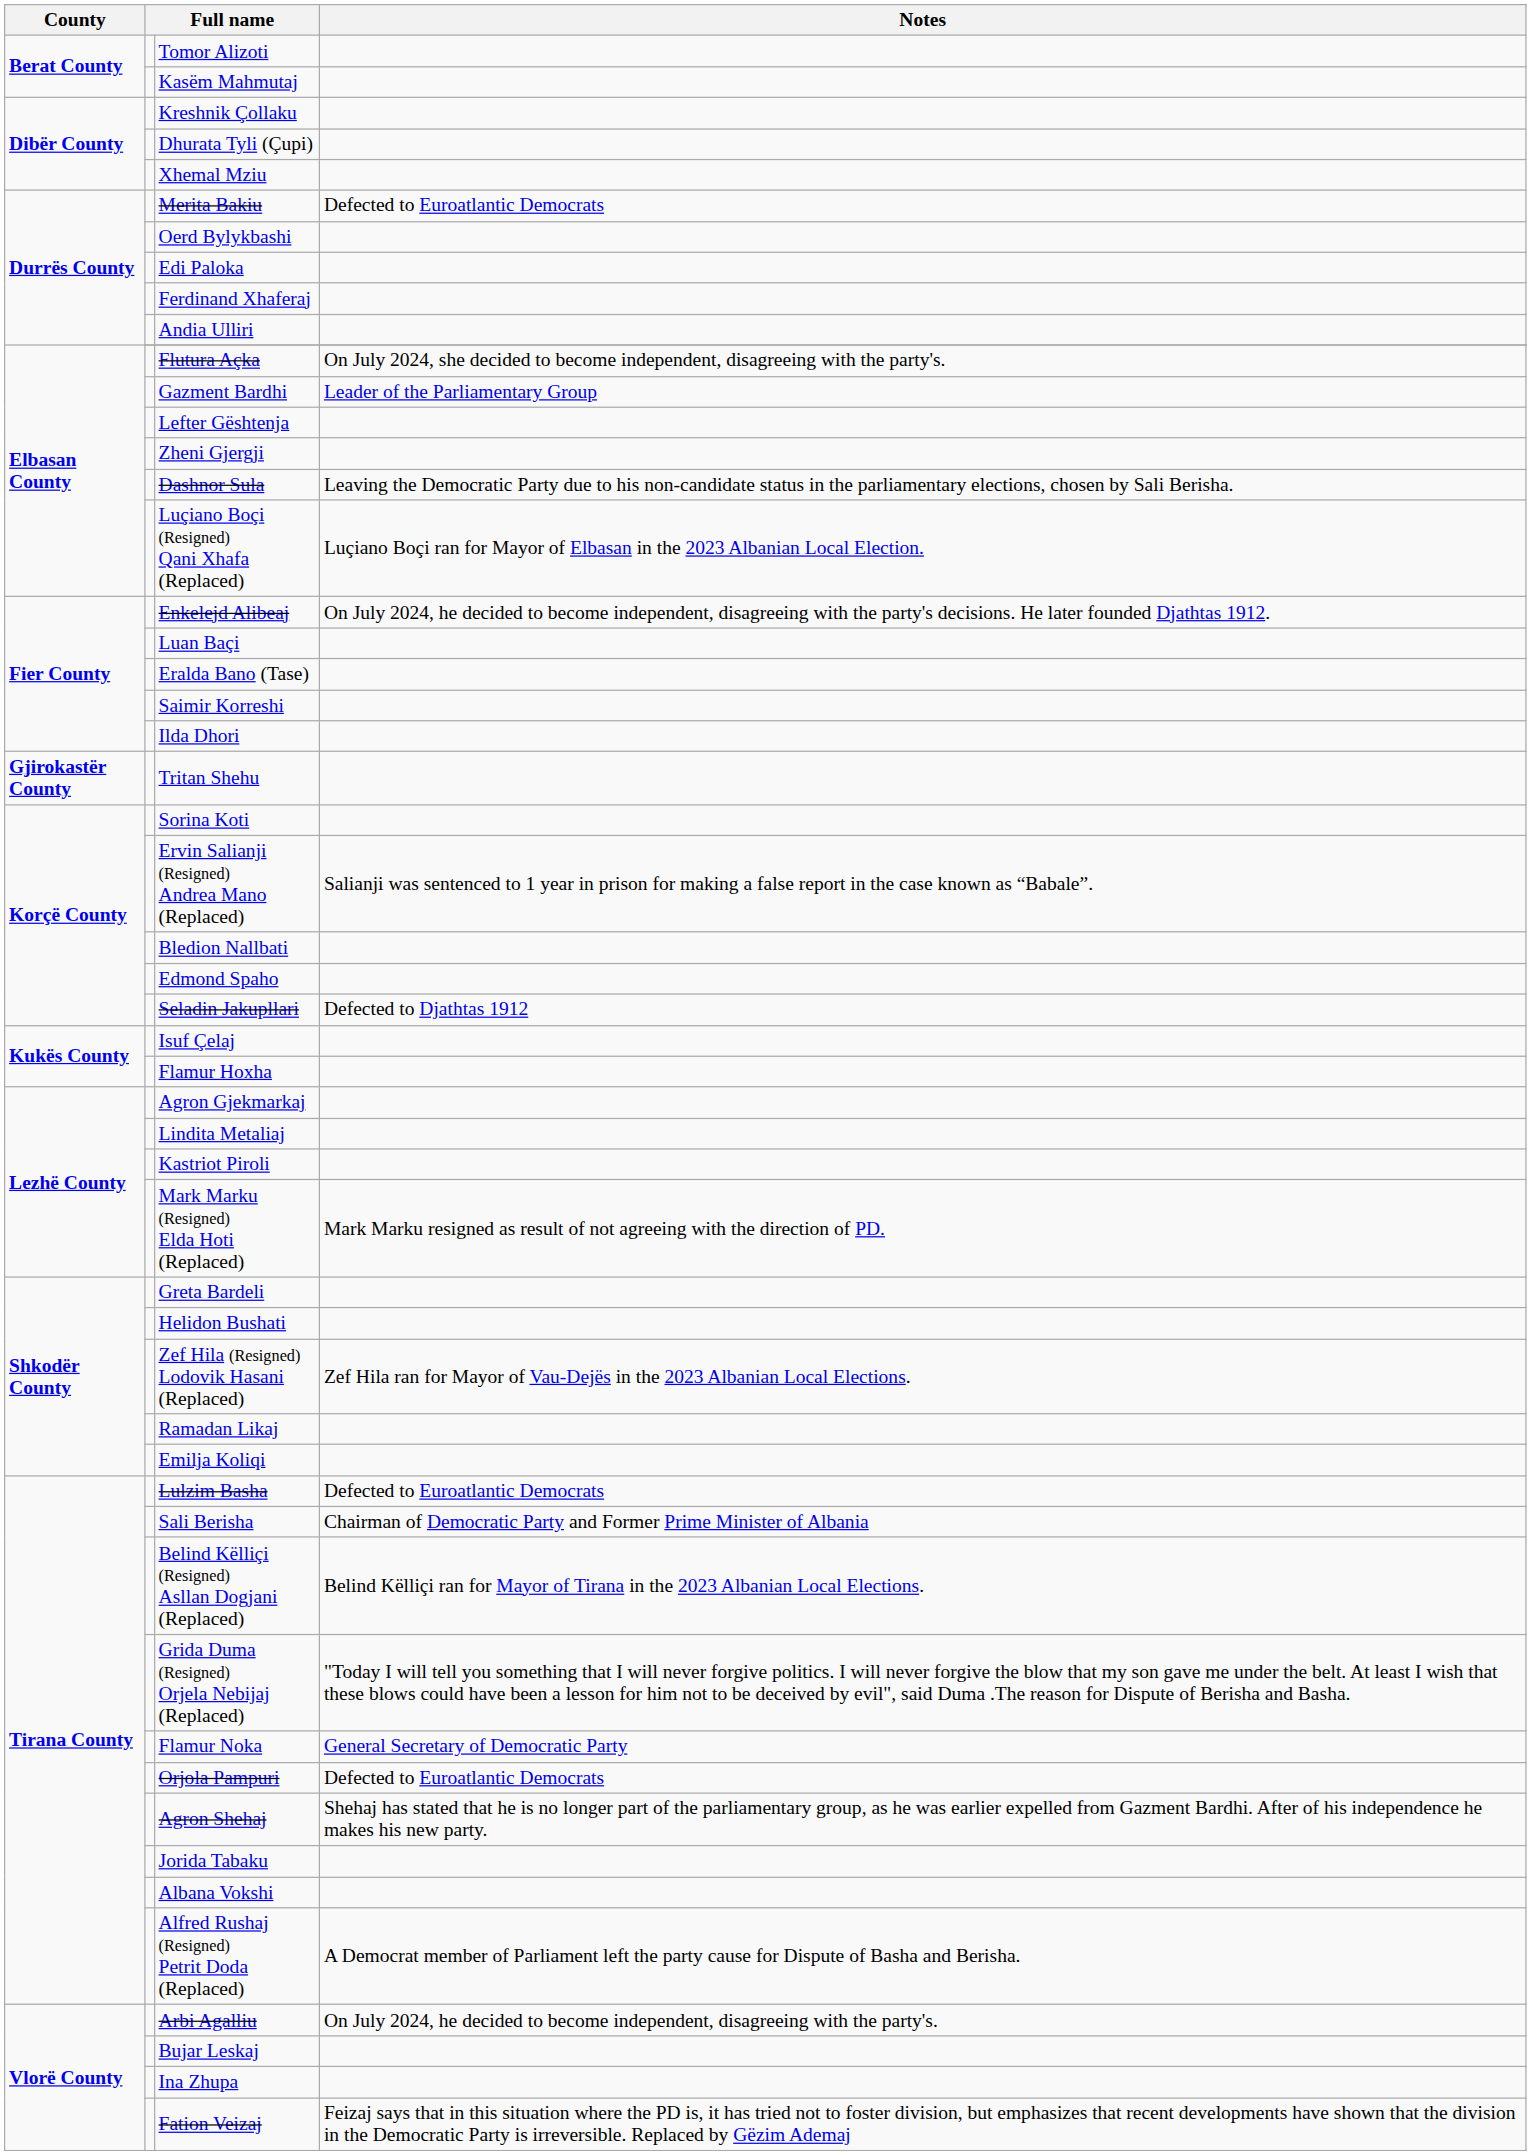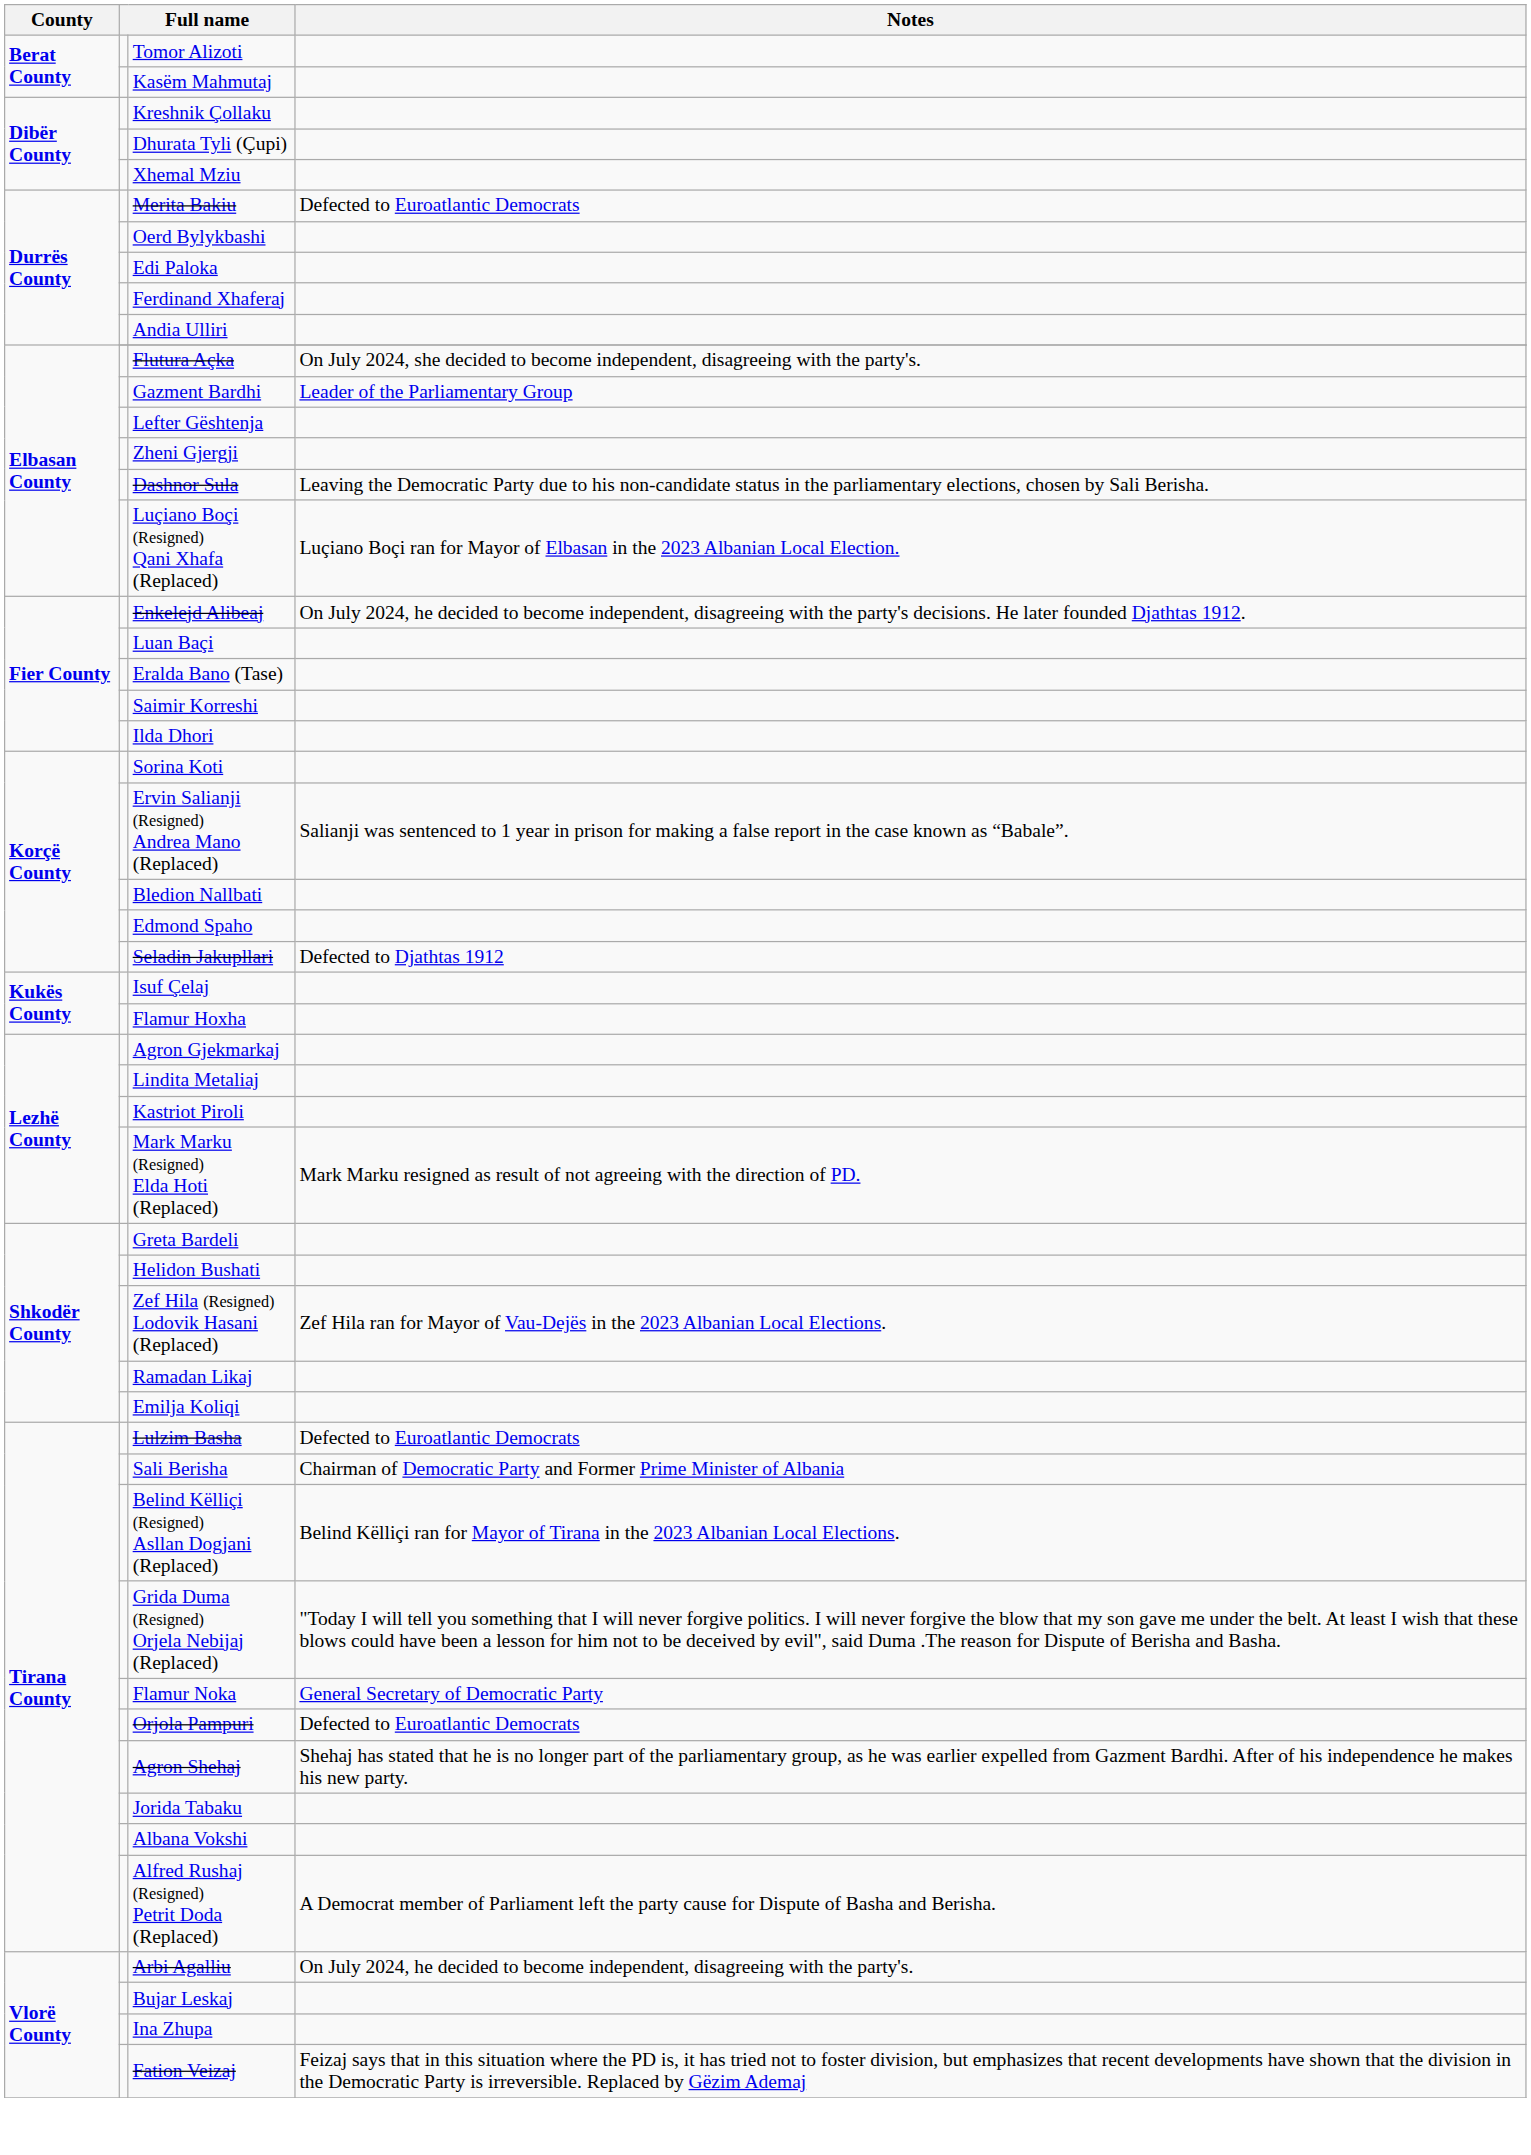 <table class="wikitable">
 <tr>
 <th>County</th>
 <th colspan="2">Full name</th>
 <th>Notes</th>
 </tr>
 <tr>
 <td rowspan="2"><strong><a href='#'>Berat County</a></strong></td>
 <td></td>
 <td><a href='#'>Tomor Alizoti</a></td>
 <td></td>
 </tr>
 <tr>
 <td></td>
 <td><a href='#'>Kasëm Mahmutaj</a></td>
 <td></td>
 </tr>
 <tr>
 <td rowspan="3"><strong><a href='#'>Dibër County</a></strong></td>
 <td></td>
 <td><a href='#'>Kreshnik Çollaku</a></td>
 <td></td>
 </tr>
 <tr>
 <td></td>
 <td><a href='#'>Dhurata Tyli</a> (Çupi)</td>
 <td></td>
 </tr>
 <tr>
 <td></td>
 <td><a href='#'>Xhemal Mziu</a></td>
 <td></td>
 </tr>
 <tr>
 <td rowspan="5"><strong><a href='#'>Durrës County</a></strong></td>
 <td></td>
 <td><s><a href='#'>Merita Bakiu</a></s></td>
 <td>Defected to <a href='#'>Euroatlantic Democrats</a></td>
 </tr>
 <tr>
 <td></td>
 <td><a href='#'>Oerd Bylykbashi</a></td>
 <td></td>
 </tr>
 <tr>
 <td></td>
 <td><a href='#'>Edi Paloka</a></td>
 <td></td>
 </tr>
 <tr>
 <td></td>
 <td><a href='#'>Ferdinand Xhaferaj</a></td>
 <td></td>
 </tr>
 <tr>
 <td></td>
 <td><a href='#'>Andia Ulliri</a></td>
 <td></td>
 </tr>
 <tr>
 <td rowspan="7"><strong><a href='#'>Elbasan County</a></strong></td>
 </tr>
 <tr>
 <td></td>
 <td><s><a href='#'>Flutura Açka</a></s></td>
 <td>On July 2024, she decided to become independent, disagreeing with the party's.</td>
 </tr>
 <tr>
 <td></td>
 <td><a href='#'>Gazment Bardhi</a></td>
 <td><a href='#'>Leader of the Parliamentary Group</a></td>
 </tr>
 <tr>
 <td></td>
 <td><a href='#'>Lefter Gështenja</a></td>
 <td></td>
 </tr>
 <tr>
 <td></td>
 <td><a href='#'>Zheni Gjergji</a></td>
 <td></td>
 </tr>
 <tr>
 <td></td>
 <td><s><a href='#'>Dashnor Sula</a></s></td>
 <td>Leaving the Democratic Party due to his non-candidate status in the parliamentary elections, chosen by Sali Berisha.</td>
 </tr>
 <tr>
 <td></td>
 <td><a href='#'>Luçiano Boçi</a><small> (Resigned)</small> <br><a href='#'>Qani Xhafa</a> (Replaced)</td>
 <td>Luçiano Boçi ran for Mayor of <a href='#'>Elbasan</a> in the <a href='#'>2023 Albanian Local Election.</a></td>
 </tr>
 <tr>
 <td rowspan="5"><strong><a href='#'>Fier County</a></strong></td>
 <td></td>
 <td><s><a href='#'>Enkelejd Alibeaj</a></s></td>
 <td>On July 2024, he decided to become independent, disagreeing with the party's decisions. He later founded <a href='#'>Djathtas 1912</a>.</td>
 </tr>
 <tr>
 <td></td>
 <td><a href='#'>Luan Baçi</a></td>
 <td></td>
 </tr>
 <tr>
 <td></td>
 <td><a href='#'>Eralda Bano</a> (Tase)</td>
 <td></td>
 </tr>
 <tr>
 <td></td>
 <td><a href='#'>Saimir Korreshi</a></td>
 <td></td>
 </tr>
 <tr>
 <td></td>
 <td><a href='#'>Ilda Dhori</a></td>
-<td></td>
-</tr>
-<tr>
-<td><strong><a href='#'>Gjirokastër County</a></strong></td>
-<td></td>
-<td><a href='#'>Tritan Shehu</a></td>
 <td></td>
 </tr>
 <tr>
 <td rowspan="5"><strong><a href='#'>Korçë County</a></strong></td>
 <td></td>
 <td><a href='#'>Sorina Koti</a></td>
 <td></td>
 </tr>
 <tr>
 <td></td>
 <td><a href='#'>Ervin Salianji</a> <small>(Resigned)</small> <br><a href='#'>Andrea Mano</a> (Replaced)</td>
 <td>Salianji was sentenced to 1 year in prison for making a false report in the case known as “Babale”.</td>
 </tr>
 <tr>
 <td></td>
 <td><a href='#'>Bledion Nallbati</a></td>
 <td></td>
 </tr>
 <tr>
 <td></td>
 <td><a href='#'>Edmond Spaho</a></td>
 <td></td>
 </tr>
 <tr>
 <td></td>
 <td><s><a href='#'>Seladin Jakupllari</a></s></td>
 <td>Defected to <a href='#'>Djathtas 1912</a></td>
 </tr>
 <tr>
 <td rowspan="2"><strong><a href='#'>Kukës County</a></strong></td>
 <td></td>
 <td><a href='#'>Isuf Çelaj</a></td>
 <td></td>
 </tr>
 <tr>
 <td></td>
 <td><a href='#'>Flamur Hoxha</a></td>
 <td></td>
 </tr>
 <tr>
 <td rowspan="4"><strong><a href='#'>Lezhë County</a></strong></td>
 <td></td>
 <td><a href='#'>Agron Gjekmarkaj</a></td>
 <td></td>
 </tr>
 <tr>
 <td></td>
 <td><a href='#'>Lindita Metaliaj</a></td>
 <td></td>
 </tr>
 <tr>
 <td></td>
 <td><a href='#'>Kastriot Piroli</a></td>
 <td></td>
 </tr>
 <tr>
 <td></td>
 <td><a href='#'>Mark Marku</a><small> (Resigned)</small> <br><a href='#'>Elda Hoti</a> (Replaced)</td>
 <td>Mark Marku resigned as result of not agreeing with the direction of <a href='#'>PD.</a></td>
 </tr>
 <tr>
 <td rowspan="5"><strong><a href='#'>Shkodër County</a></strong></td>
 <td></td>
 <td><a href='#'>Greta Bardeli</a></td>
 <td></td>
 </tr>
 <tr>
 <td></td>
 <td><a href='#'>Helidon Bushati</a></td>
 <td></td>
 </tr>
 <tr>
 <td></td>
 <td><a href='#'>Zef Hila</a> <small>(Resigned) </small> <br><a href='#'>Lodovik Hasani</a> (Replaced)</td>
 <td>Zef Hila ran for Mayor of <a href='#'>Vau-Dejës</a> in the <a href='#'>2023 Albanian Local Elections</a>.</td>
 </tr>
 <tr>
 <td></td>
 <td><a href='#'>Ramadan Likaj</a></td>
 <td></td>
 </tr>
 <tr>
 <td></td>
 <td><a href='#'>Emilja Koliqi</a></td>
 <td></td>
 </tr>
 <tr>
 <td rowspan="10"><strong><a href='#'>Tirana County</a></strong></td>
 <td></td>
 <td><s><a href='#'>Lulzim Basha</a></s></td>
 <td>Defected to <a href='#'>Euroatlantic Democrats</a></td>
 </tr>
 <tr>
 <td></td>
 <td><a href='#'>Sali Berisha</a></td>
 <td>Chairman of <a href='#'>Democratic Party</a> and Former <a href='#'>Prime Minister of Albania</a></td>
 </tr>
 <tr>
 <td></td>
 <td><a href='#'>Belind Këlliçi</a> <small>(Resigned)</small> <br><a href='#'>Asllan Dogjani</a> (Replaced)</td>
 <td>Belind Këlliçi ran for <a href='#'>Mayor of Tirana</a> in the <a href='#'>2023 Albanian Local Elections</a>.</td>
 </tr>
 <tr>
 <td></td>
 <td><a href='#'>Grida Duma</a><small> (Resigned)</small> <br><a href='#'>Orjela Nebijaj</a> (Replaced)</td>
 <td>"Today I will tell you something that I will never forgive politics. I will never forgive the blow that my son gave me under the belt. At least I wish that these blows could have been a lesson for him not to be deceived by evil", said Duma .The reason for Dispute of Berisha and Basha.</td>
 </tr>
 <tr>
 <td></td>
 <td><a href='#'>Flamur Noka</a></td>
 <td><a href='#'>General Secretary of Democratic Party</a></td>
 </tr>
 <tr>
 <td></td>
 <td><s><a href='#'>Orjola Pampuri</a></s></td>
 <td>Defected to <a href='#'>Euroatlantic Democrats</a></td>
 </tr>
 <tr>
 <td></td>
 <td><s><a href='#'>Agron Shehaj</a></s></td>
 <td>Shehaj has stated that he is no longer part of the parliamentary group, as he was earlier expelled from Gazment Bardhi. After of his independence he makes his new party.</td>
 </tr>
 <tr>
 <td></td>
 <td><a href='#'>Jorida Tabaku</a></td>
 <td></td>
 </tr>
 <tr>
 <td></td>
 <td><a href='#'>Albana Vokshi</a></td>
 <td></td>
 </tr>
 <tr>
 <td></td>
 <td><a href='#'>Alfred Rushaj</a><small> (Resigned)</small> <br><a href='#'>Petrit Doda</a> (Replaced)</td>
 <td>A Democrat member of Parliament left the party cause for Dispute of Basha and Berisha.</td>
 </tr>
 <tr>
 <td rowspan="4"><strong><a href='#'>Vlorë County</a></strong></td>
 <td></td>
 <td><s><a href='#'>Arbi Agalliu</a></s></td>
 <td>On July 2024, he decided to become independent, disagreeing with the party's.</td>
 </tr>
 <tr>
 <td></td>
 <td><a href='#'>Bujar Leskaj</a></td>
 <td></td>
 </tr>
 <tr>
 <td></td>
 <td><a href='#'>Ina Zhupa</a></td>
 <td></td>
 </tr>
 <tr>
 <td></td>
 <td><s><a href='#'>Fation Veizaj</a></s></td>
 <td>Feizaj says that in this situation where the PD is, it has tried not to foster division, but emphasizes that recent developments have shown that the division in the Democratic Party is irreversible. Replaced by <a href='#'>Gëzim Ademaj</a></td>
 </tr>
 <tr>
 </tr>
 </table>
